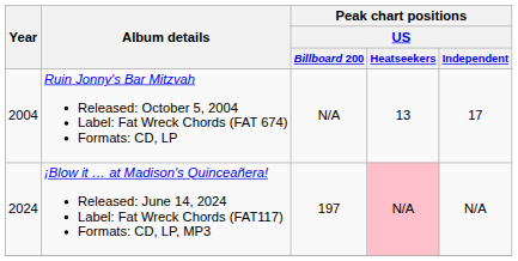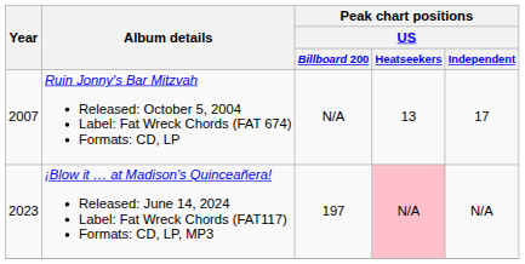 <table class ="wikitable">
 <tr>
 <th rowspan="3">Year</th>
 <th rowspan="3">Album details</th>
 <th colspan="3">Peak chart positions</th>
 </tr>
 <tr>
 <th colspan="3" align="center"><a href='#'>US</a></th>
 </tr>
 <tr>
 <th><small><a href='#'><em>Billboard</em> 200</a></small></th>
 <th><small><a href='#'>Heatseekers</a></small></th>
 <th><small><a href='#'>Independent</a></small></th>
 </tr>
 <tr>
-<td>2004</td>
+<td>2007</td>
 <td><em><a href='#'>Ruin Jonny's Bar Mitzvah</a></em><br><ul><li>Released: October 5, 2004</li><li>Label: Fat Wreck Chords (FAT 674)</li><li>Formats: CD, LP</li></ul></td>
 <td align="center">N/A</td>
 <td align="center">13</td>
 <td align="center">17</td>
 </tr>
 <tr>
-<td>2024</td>
+<td>2023</td>
 <td><em><a href='#'>¡Blow it … at Madison's Quinceañera!</a></em><br><ul><li>Released: June 14, 2024</li><li>Label: Fat Wreck Chords (FAT117)</li><li>Formats: CD, LP, MP3</li></ul></td>
 <td align="center">197</td>
 <td align="center" style="background: pink;">N/A</td>
 <td align="center">N/A</td>
 </tr>
 <tr>
 </tr>
 </table>
